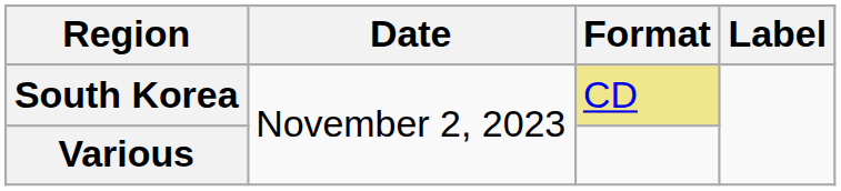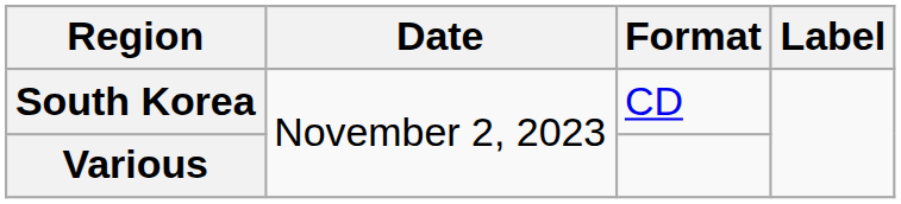 <table class="wikitable plainrowheaders">
 <tr>
 <th scope="col">Region</th>
 <th scope="col">Date</th>
 <th scope="col">Format</th>
 <th scope="col">Label</th>
 </tr>
 <tr>
 <th scope="row">South Korea</th>
 <td rowspan="2">November 2, 2023</td>
-<td style="background: khaki;"><a href='#'>CD</a></td>
+<td><a href='#'>CD</a></td>
 <td rowspan="2"></td>
 </tr>
 <tr>
 <th scope="row">Various </th>
 <td></td>
 </tr>
 </table>
